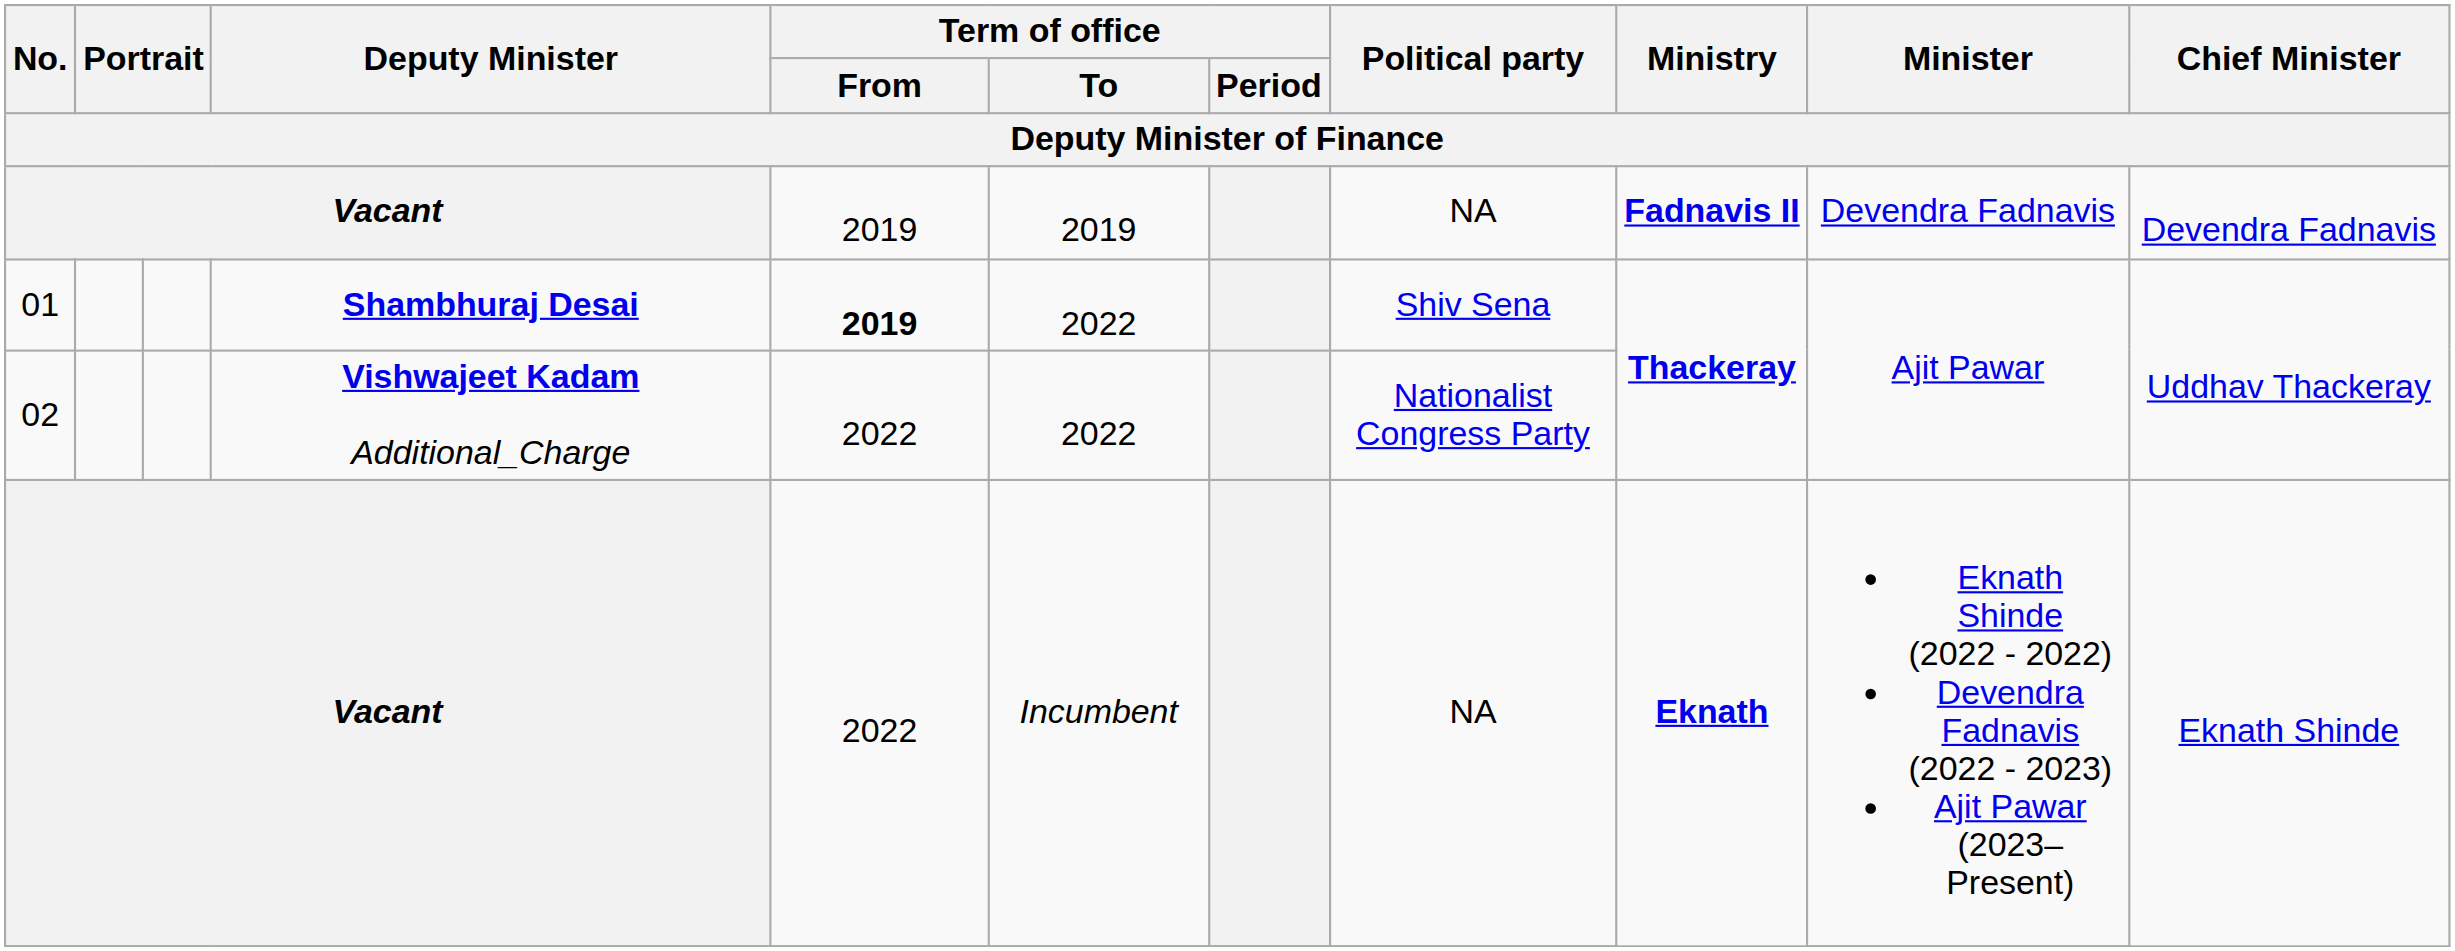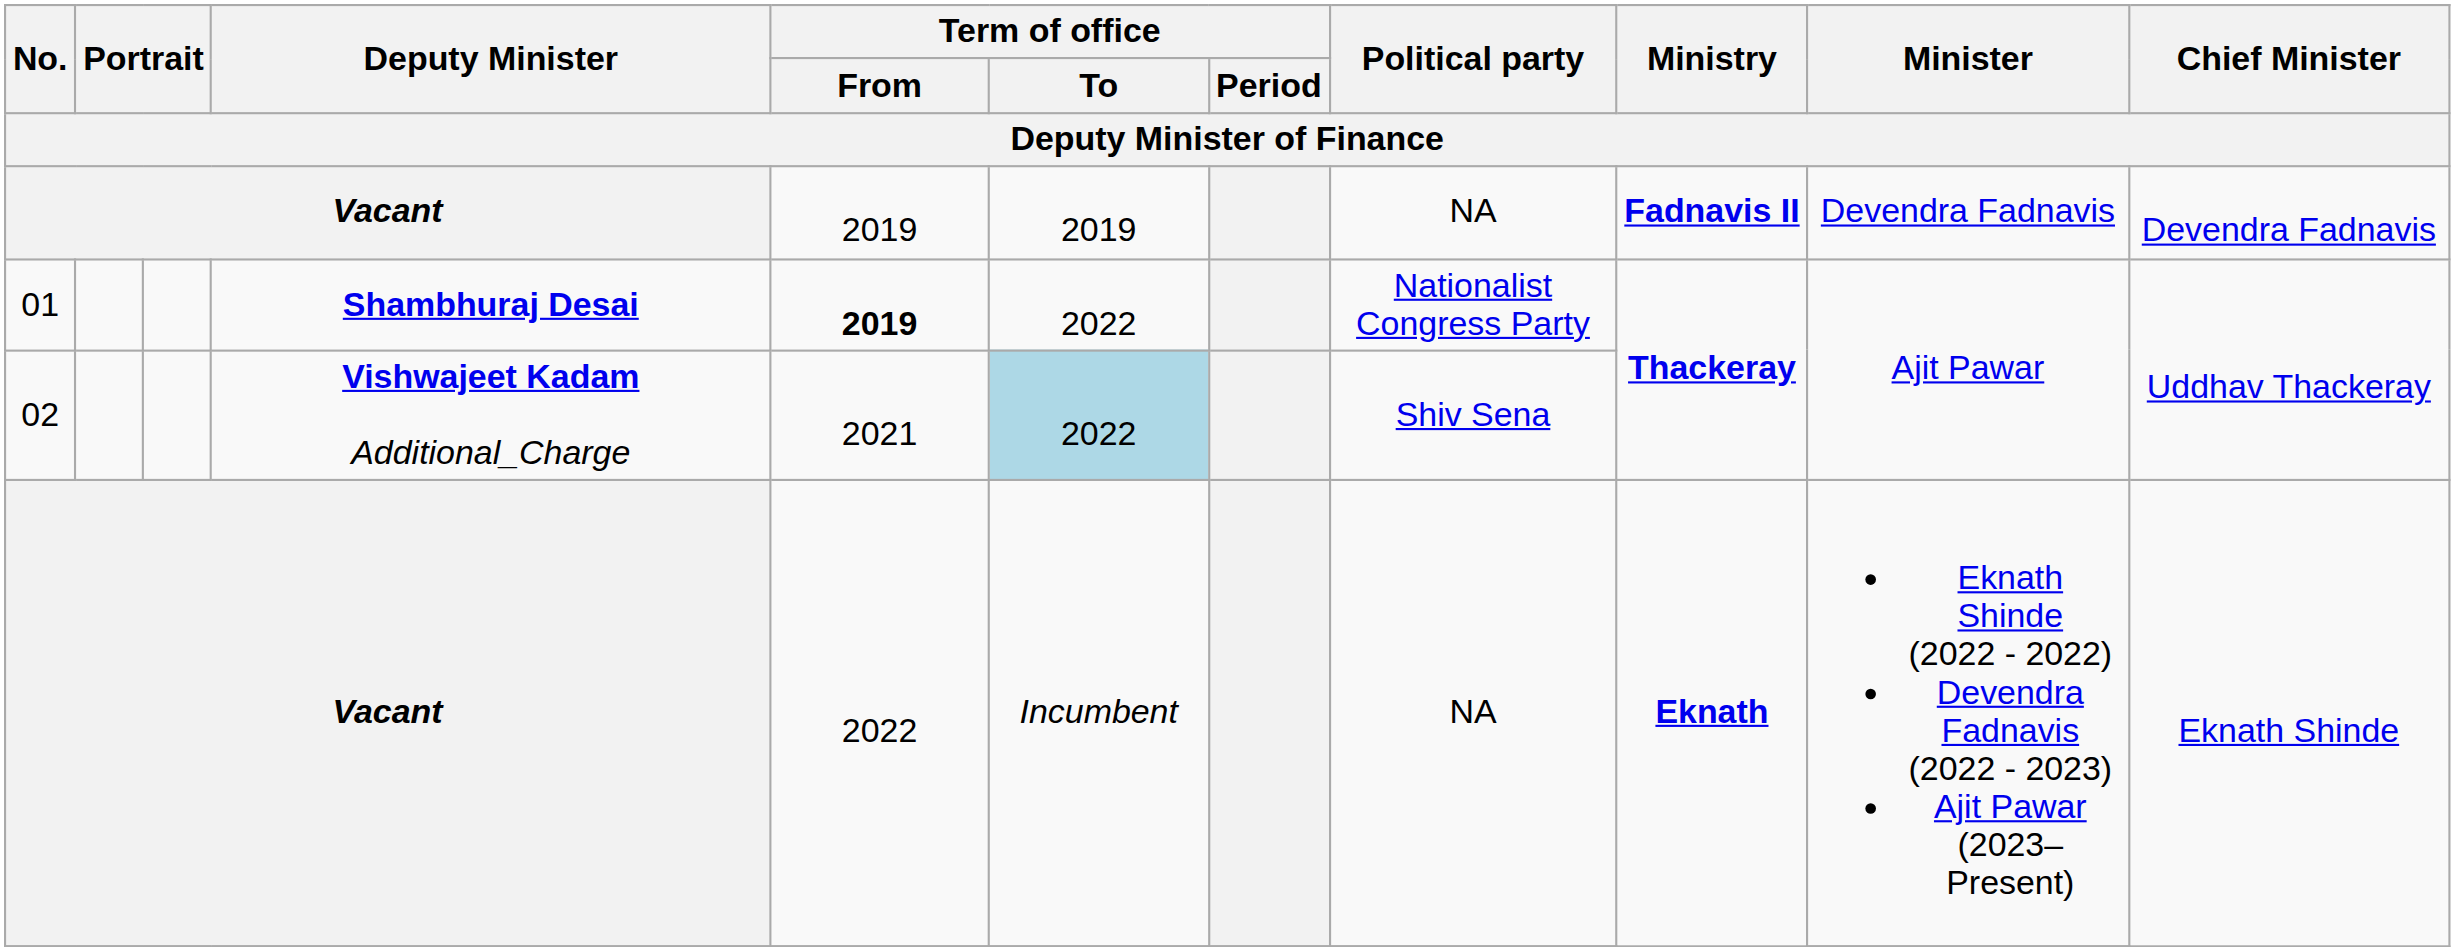 <table class="wikitable" style="text-align:center">
 <tr>
 <th rowspan="2">No.</th>
 <th rowspan="2" colspan="2">Portrait</th>
 <th rowspan="2" style="width:16em">Deputy Minister<br></th>
 <th colspan="3">Term of office</th>
 <th rowspan="2" style="width:8em">Political party</th>
 <th rowspan="2">Ministry</th>
 <th rowspan="2" style="width:9em">Minister</th>
 <th rowspan="2" style="width:9em">Chief Minister</th>
 </tr>
 <tr>
 <th style="width:6em">From</th>
 <th style="width:6em">To</th>
 <th>Period</th>
 </tr>
 <tr>
 <th colspan="11">Deputy Minister of Finance</th>
 </tr>
 <tr>
 <th colspan="04"><strong><em> Vacant</em></strong></th>
 <td><br>2019</td>
 <td><br>2019</td>
 <th></th>
 <td>NA</td>
 <td rowspan="1"><a href='#'><strong>Fadnavis II</strong></a></td>
 <td><a href='#'>Devendra Fadnavis</a></td>
 <td rowspan="1"> <br><a href='#'>Devendra Fadnavis</a></td>
 </tr>
 <tr>
 <td>01</td>
 <td style="color:inherit;background:"></td>
 <td></td>
 <td><strong><a href='#'>Shambhuraj Desai</a></strong> <br> </td>
 <td><strong><br>2019</strong></td>
 <td><br>2022</td>
 <th></th>
-<td><a href='#'>Shiv Sena</a></td>
+<td><a href='#'>Nationalist Congress Party</a></td>
 <td rowspan="2"><a href='#'><strong>Thackeray</strong></a></td>
 <td rowspan="2"><a href='#'>Ajit Pawar</a></td>
 <td rowspan="2"> <br><a href='#'>Uddhav Thackeray</a></td>
 </tr>
 <tr>
 <td>02</td>
 <td style="color:inherit;background:"></td>
 <td></td>
 <td><strong><a href='#'>Vishwajeet Kadam</a></strong> <br> <br><em>Additional_Charge</em></td>
-<td><br>2022</td>
-<td><br>2022</td>
+<td><br>2021</td>
+<td style="background: lightblue;"><br>2022</td>
 <th></th>
-<td><a href='#'>Nationalist Congress Party</a></td>
+<td><a href='#'>Shiv Sena</a></td>
 </tr>
 <tr>
 <th colspan="04"><strong><em>Vacant</em></strong></th>
 <td><br>2022</td>
 <td><em>Incumbent</em></td>
 <th></th>
 <td>NA</td>
 <td rowspan="2"><a href='#'><strong>Eknath</strong></a></td>
 <td><br><ul><li><a href='#'>Eknath Shinde</a><br>(2022 - 2022)</li><li><a href='#'>Devendra Fadnavis</a><br>(2022 - 2023)</li><li><a href='#'>Ajit Pawar</a><br> (2023–Present)</li></ul></td>
 <td rowspan="2"> <br><a href='#'>Eknath Shinde</a></td>
 </tr>
 <tr>
 </tr>
 </table>
